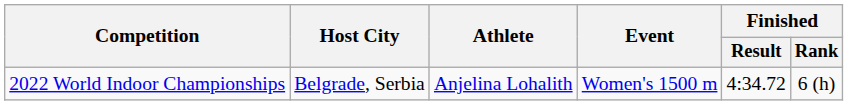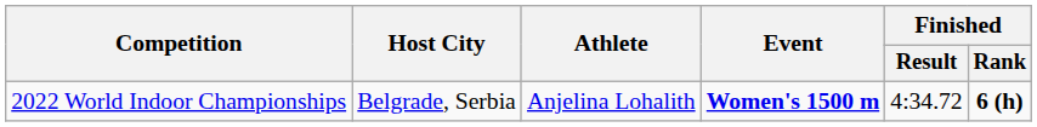 <table class=wikitable style=font-size:90%>
 <tr>
 <th rowspan="2">Competition</th>
 <th rowspan="2">Host City</th>
 <th rowspan=2>Athlete</th>
 <th rowspan=2>Event</th>
 <th colspan=2>Finished</th>
 </tr>
 <tr style=font-size:95%>
 <th>Result</th>
 <th>Rank</th>
 </tr>
 <tr align=center>
 <td><a href='#'>2022 World Indoor Championships</a></td>
 <td><a href='#'>Belgrade</a>, Serbia</td>
 <td align=left><a href='#'>Anjelina Lohalith</a></td>
-<td align=left><a href='#'>Women's 1500 m</a></td>
+<td align=left><strong><a href='#'>Women's 1500 m</a></strong></td>
 <td>4:34.72</td>
-<td>6 (h)</td>
+<td><strong>6 (h)</strong></td>
 </tr>
 </table>
